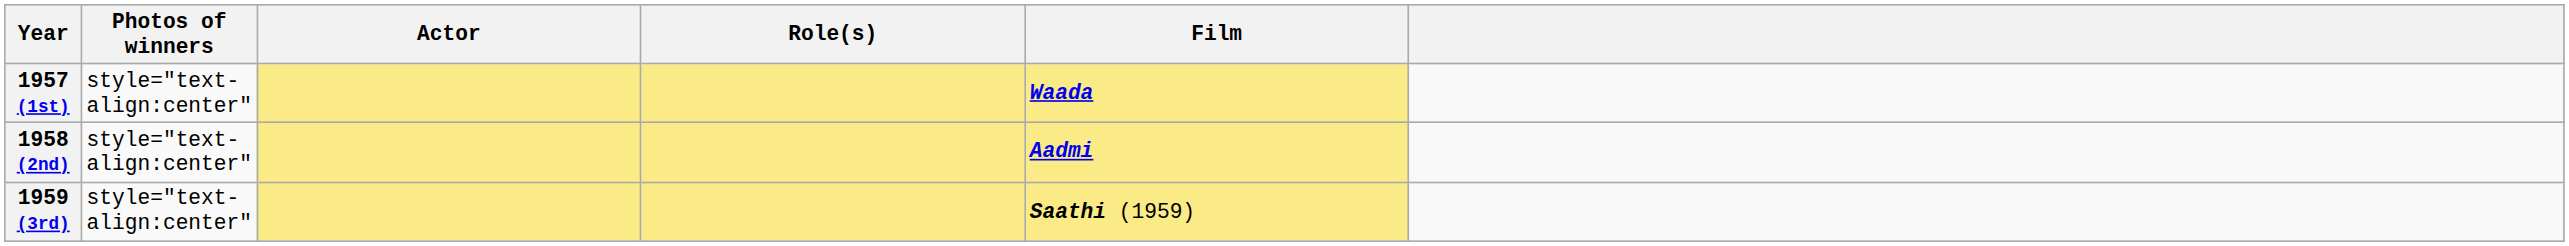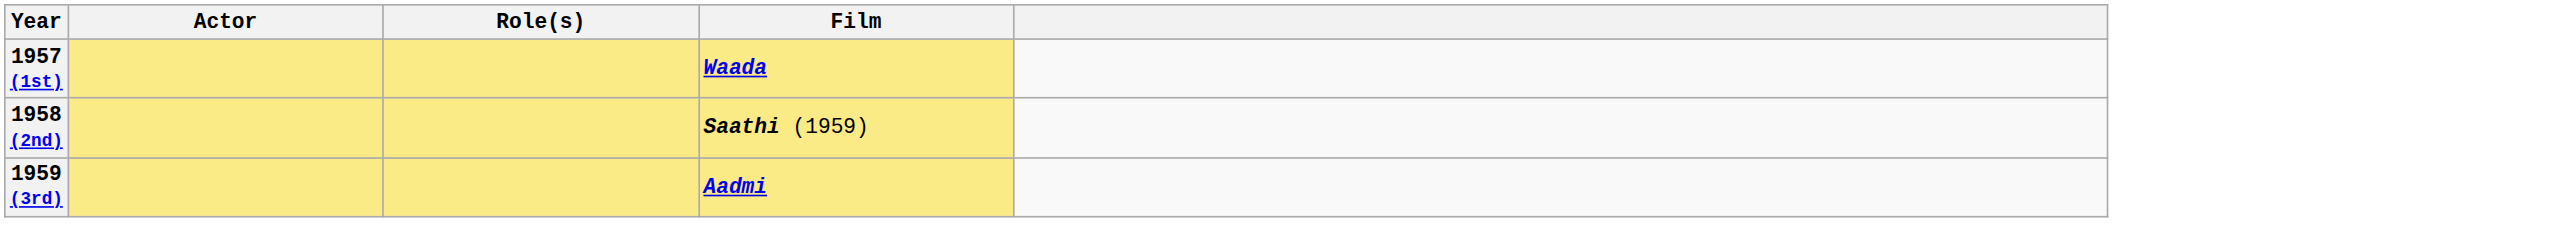 <table class="wikitable sortable" style="text-align:left;">
 <tr>
 <th scope="col" style="width:3%; text-align:center;">Year</th>
-<th scope="col" style="width:3%;text-align:center;">Photos of winners</th>
 <th scope="col" style="width:15%;text-align:center;">Actor</th>
 <th scope="col" style="width:15%;text-align:center;">Role(s)</th>
 <th scope="col" style="width:15%;text-align:center;">Film</th>
 <th scope="col" class="unsortable"></th>
 </tr>
 <tr>
 <th style="text-align:center">1957 <br><small><a href='#'>(1st)</a> </small></th>
-<td>style="text-align:center" </td>
 <td style="background:#FAEB86;"><strong></strong> </td>
 <td style="background:#FAEB86;"><strong></strong></td>
 <td style="background:#FAEB86;"><strong><em><a href='#'>Waada</a></em></strong></td>
 <td></td>
 </tr>
 <tr>
 <th style="text-align:center">1958 <br><small><a href='#'>(2nd)</a></small></th>
-<td>style="text-align:center" </td>
+<td style="background:#FAEB86;"><strong></strong> </td>
+<td style="background:#FAEB86;"><strong></strong></td>
+<td style="background:#FAEB86;"><strong><em>Saathi</em></strong> (1959)</td>
+<td></td>
+</tr>
+<tr>
+<th style="text-align:center">1959 <br><small><a href='#'>(3rd)</a> </small></th>
 <td style="background:#FAEB86;"><strong></strong> </td>
 <td style="background:#FAEB86;"><strong></strong></td>
 <td style="background:#FAEB86;"><strong><em><a href='#'>Aadmi</a></em></strong></td>
 <td></td>
 </tr>
-<tr>
-<th style="text-align:center">1959 <br><small><a href='#'>(3rd)</a> </small></th>
-<td>style="text-align:center" </td>
-<td style="background:#FAEB86;"><strong></strong> </td>
-<td style="background:#FAEB86;"><strong></strong></td>
-<td style="background:#FAEB86;"><strong><em>Saathi</em></strong> (1959)</td>
-<td></td>
-</tr>
 </table>
